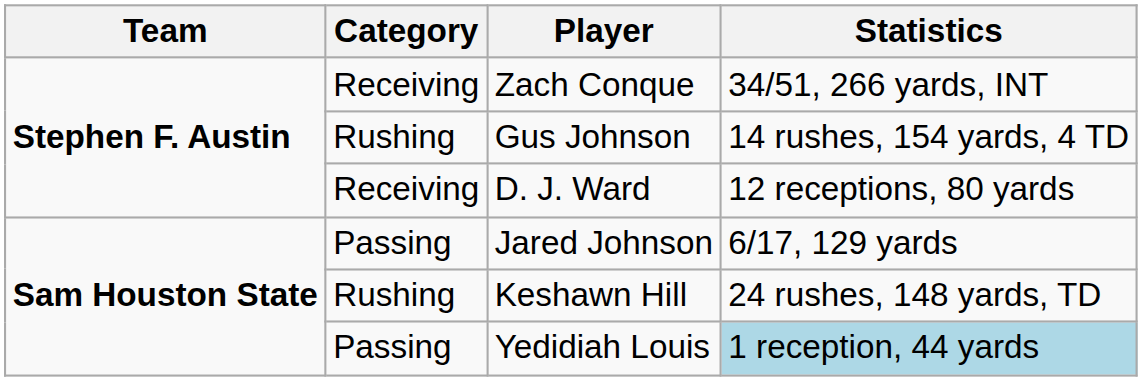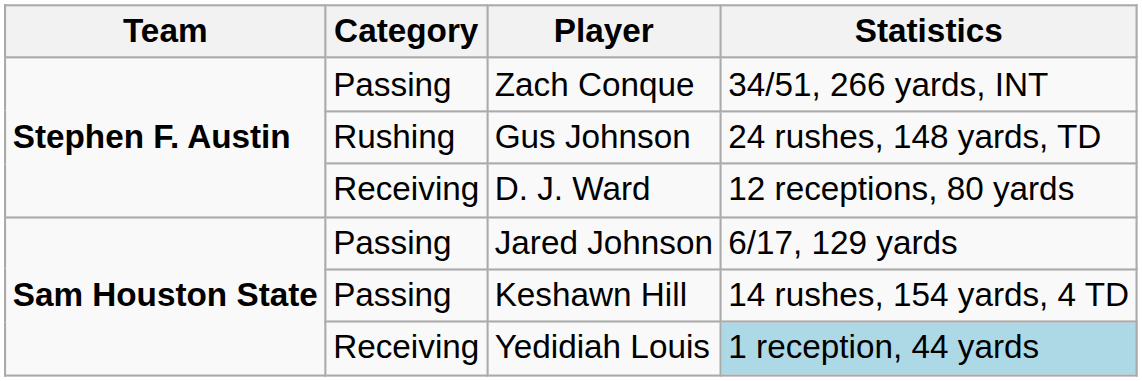 <table class="wikitable" style="float: left;">
 <tr>
 <th>Team</th>
 <th>Category</th>
 <th>Player</th>
 <th>Statistics</th>
 </tr>
 <tr>
 <td rowspan=3><strong>Stephen F. Austin</strong></td>
-<td>Receiving</td>
+<td>Passing</td>
 <td>Zach Conque</td>
 <td>34/51, 266 yards, INT</td>
 </tr>
 <tr>
 <td>Rushing</td>
 <td>Gus Johnson</td>
-<td>14 rushes, 154 yards, 4 TD</td>
+<td>24 rushes, 148 yards, TD</td>
 </tr>
 <tr>
 <td>Receiving</td>
 <td>D. J. Ward</td>
 <td>12 receptions, 80 yards</td>
 </tr>
 <tr>
 <td rowspan=3><strong>Sam Houston State</strong></td>
 <td>Passing</td>
 <td>Jared Johnson</td>
 <td>6/17, 129 yards</td>
 </tr>
 <tr>
-<td>Rushing</td>
+<td>Passing</td>
 <td>Keshawn Hill</td>
-<td>24 rushes, 148 yards, TD</td>
+<td>14 rushes, 154 yards, 4 TD</td>
 </tr>
 <tr>
-<td>Passing</td>
+<td>Receiving</td>
 <td>Yedidiah Louis</td>
 <td style="background: lightblue;">1 reception, 44 yards</td>
 </tr>
 </table>
